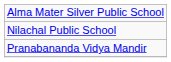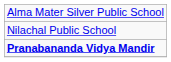 <table class="wikitable">
 <tr>
 <td><a href='#'>Alma Mater Silver Public School</a></td>
 </tr>
 <tr>
 <td><a href='#'>Nilachal Public School </a></td>
 </tr>
 <tr>
-<td><a href='#'>Pranabananda Vidya Mandir</a></td>
+<td><strong><a href='#'>Pranabananda Vidya Mandir</a></strong></td>
 </tr>
 <tr>
 </tr>
 </table>
